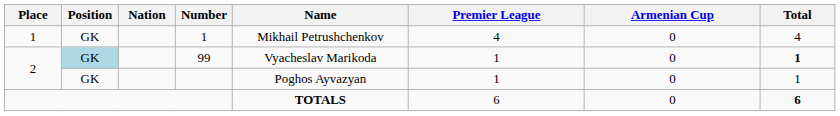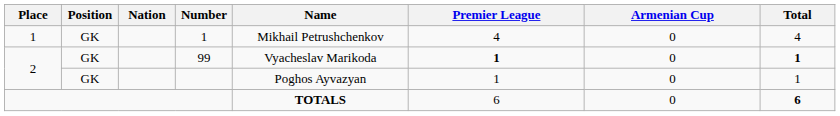 <table class="wikitable" style="font-size: 95%; text-align: center;">
 <tr>
 <th width=60>Place</th>
 <th width=60>Position</th>
 <th width=60>Nation</th>
 <th width=60>Number</th>
 <th width=200>Name</th>
 <th width=200><a href='#'>Premier League</a></th>
 <th width=200><a href='#'>Armenian Cup</a></th>
 <th width=80><strong>Total</strong></th>
 </tr>
 <tr>
 <td>1</td>
 <td>GK</td>
 <td></td>
 <td>1</td>
 <td>Mikhail Petrushchenkov</td>
 <td>4</td>
 <td>0</td>
 <td>4</td>
 </tr>
 <tr>
 <td rowspan="2">2</td>
-<td style="background: lightblue;">GK</td>
+<td>GK</td>
 <td></td>
 <td>99</td>
 <td>Vyacheslav Marikoda</td>
-<td>1</td>
+<td><strong>1</strong></td>
 <td>0</td>
 <td><strong>1</strong></td>
 </tr>
 <tr>
 <td>GK</td>
 <td></td>
 <td></td>
 <td>Poghos Ayvazyan</td>
 <td>1</td>
 <td>0</td>
 <td>1</td>
 </tr>
 <tr>
 <td colspan="4"></td>
 <td><strong>TOTALS</strong></td>
 <td>6</td>
 <td>0</td>
 <td><strong>6</strong></td>
 </tr>
 </table>
